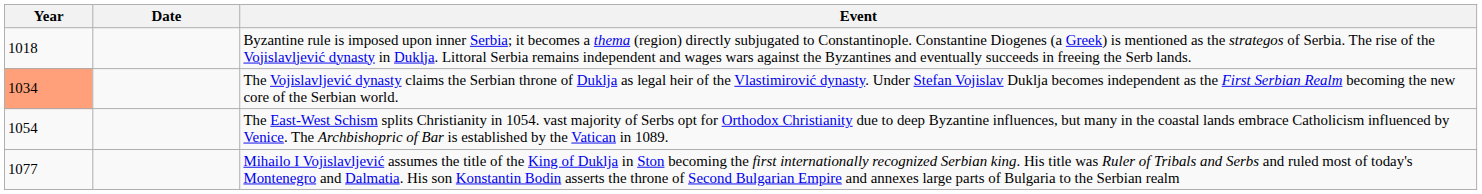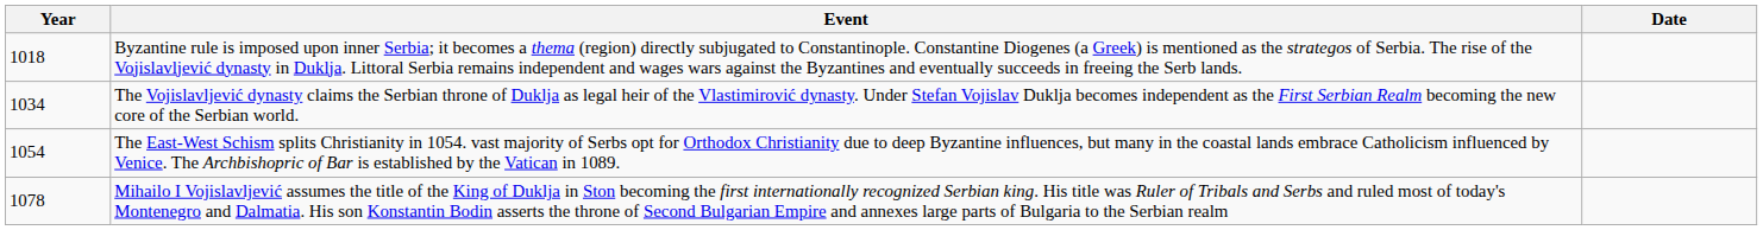 <table class="wikitable" width="100%">
 <tr>
 <th style="width:6%">Year</th>
+<th>Event</th>
 <th style="width:10%">Date</th>
-<th>Event</th>
 </tr>
 <tr>
 <td>1018</td>
+<td>Byzantine rule is imposed upon inner <a href='#'>Serbia</a>; it becomes a <em><a href='#'>thema</a></em> (region) directly subjugated to Constantinople. Constantine Diogenes (a <a href='#'>Greek</a>) is mentioned as the <em>strategos</em> of Serbia. The rise of the <a href='#'>Vojislavljević dynasty</a> in <a href='#'>Duklja</a>. Littoral Serbia remains independent and wages wars against the Byzantines and eventually succeeds in freeing the Serb lands.</td>
 <td></td>
-<td>Byzantine rule is imposed upon inner <a href='#'>Serbia</a>; it becomes a <em><a href='#'>thema</a></em> (region) directly subjugated to Constantinople. Constantine Diogenes (a <a href='#'>Greek</a>) is mentioned as the <em>strategos</em> of Serbia. The rise of the <a href='#'>Vojislavljević dynasty</a> in <a href='#'>Duklja</a>. Littoral Serbia remains independent and wages wars against the Byzantines and eventually succeeds in freeing the Serb lands.</td>
 </tr>
 <tr>
-<td style="background: lightsalmon;">1034</td>
+<td>1034</td>
+<td>The <a href='#'>Vojislavljević dynasty</a> claims the Serbian throne of <a href='#'>Duklja</a> as legal heir of the <a href='#'>Vlastimirović dynasty</a>. Under <a href='#'>Stefan Vojislav</a> Duklja becomes independent as the <em><a href='#'>First Serbian Realm</a></em> becoming the new core of the Serbian world.</td>
 <td></td>
-<td>The <a href='#'>Vojislavljević dynasty</a> claims the Serbian throne of <a href='#'>Duklja</a> as legal heir of the <a href='#'>Vlastimirović dynasty</a>. Under <a href='#'>Stefan Vojislav</a> Duklja becomes independent as the <em><a href='#'>First Serbian Realm</a></em> becoming the new core of the Serbian world.</td>
 </tr>
 <tr>
 <td>1054</td>
+<td>The <a href='#'>East-West Schism</a> splits Christianity in 1054. vast majority of Serbs opt for <a href='#'>Orthodox Christianity</a> due to deep Byzantine influences, but many in the coastal lands embrace Catholicism influenced by <a href='#'>Venice</a>. The <em>Archbishopric of Bar</em> is established by the <a href='#'>Vatican</a> in 1089.</td>
 <td></td>
-<td>The <a href='#'>East-West Schism</a> splits Christianity in 1054. vast majority of Serbs opt for <a href='#'>Orthodox Christianity</a> due to deep Byzantine influences, but many in the coastal lands embrace Catholicism influenced by <a href='#'>Venice</a>. The <em>Archbishopric of Bar</em> is established by the <a href='#'>Vatican</a> in 1089.</td>
 </tr>
 <tr>
-<td>1077</td>
+<td>1078</td>
+<td><a href='#'>Mihailo I Vojislavljević</a> assumes the title of the <a href='#'>King of Duklja</a> in <a href='#'>Ston</a> becoming the <em>first internationally recognized Serbian king</em>. His title was <em>Ruler of Tribals and Serbs</em> and ruled most of today's <a href='#'>Montenegro</a> and <a href='#'>Dalmatia</a>. His son <a href='#'>Konstantin Bodin</a> asserts the throne of <a href='#'>Second Bulgarian Empire</a> and annexes large parts of Bulgaria to the Serbian realm</td>
 <td></td>
-<td><a href='#'>Mihailo I Vojislavljević</a> assumes the title of the <a href='#'>King of Duklja</a> in <a href='#'>Ston</a> becoming the <em>first internationally recognized Serbian king</em>. His title was <em>Ruler of Tribals and Serbs</em> and ruled most of today's <a href='#'>Montenegro</a> and <a href='#'>Dalmatia</a>. His son <a href='#'>Konstantin Bodin</a> asserts the throne of <a href='#'>Second Bulgarian Empire</a> and annexes large parts of Bulgaria to the Serbian realm</td>
 </tr>
 </table>
